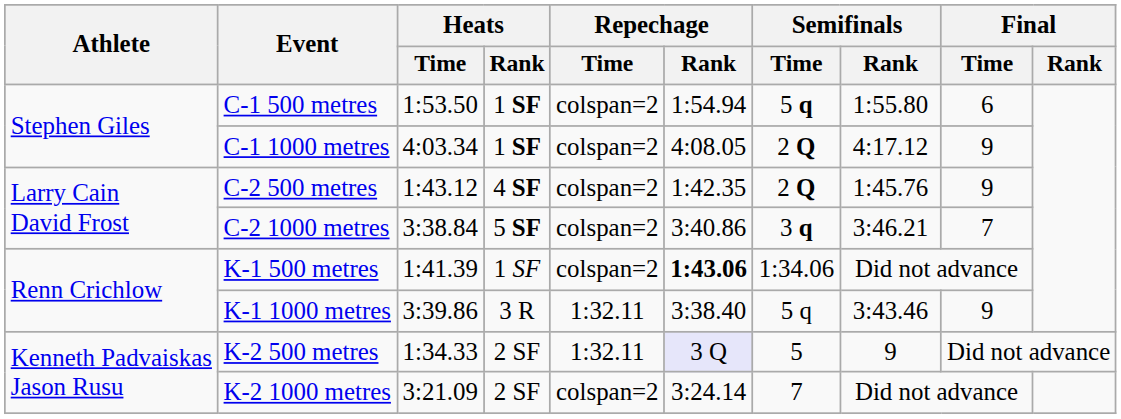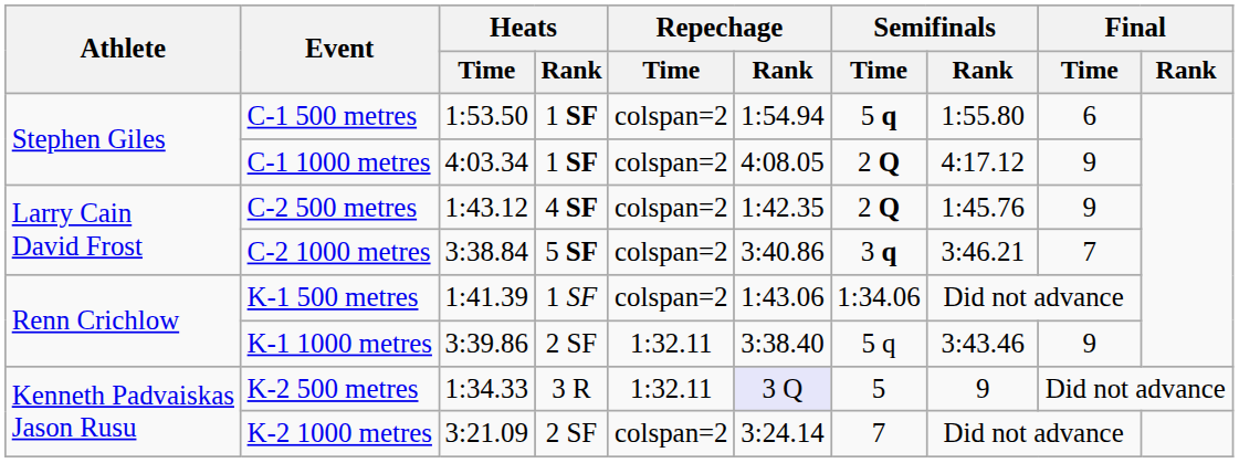 <table class=wikitable style="font-size:90%">
 <tr>
 <th rowspan="2">Athlete</th>
 <th rowspan="2">Event</th>
 <th colspan=2>Heats</th>
 <th colspan=2>Repechage</th>
 <th colspan=2>Semifinals</th>
 <th colspan=2>Final</th>
 </tr>
 <tr style="font-size:95%">
 <th>Time</th>
 <th>Rank</th>
 <th>Time</th>
 <th>Rank</th>
 <th>Time</th>
 <th>Rank</th>
 <th>Time</th>
 <th>Rank</th>
 </tr>
 <tr align=center>
 <td align=left rowspan=2><a href='#'>Stephen Giles</a></td>
 <td align=left><a href='#'>C-1 500 metres</a></td>
 <td>1:53.50</td>
 <td>1 <strong>SF</strong></td>
 <td>colspan=2</td>
 <td>1:54.94</td>
 <td>5 <strong>q</strong></td>
 <td>1:55.80</td>
 <td>6</td>
 </tr>
 <tr align=center>
 <td align=left><a href='#'>C-1 1000 metres</a></td>
 <td>4:03.34</td>
 <td>1 <strong>SF</strong></td>
 <td>colspan=2</td>
 <td>4:08.05</td>
 <td>2 <strong>Q</strong></td>
 <td>4:17.12</td>
 <td>9</td>
 </tr>
 <tr align=center>
 <td align=left rowspan=2><a href='#'>Larry Cain</a><br><a href='#'>David Frost</a></td>
 <td align=left><a href='#'>C-2 500 metres</a></td>
 <td>1:43.12</td>
 <td>4 <strong>SF</strong></td>
 <td>colspan=2</td>
 <td>1:42.35</td>
 <td>2 <strong>Q</strong></td>
 <td>1:45.76</td>
 <td>9</td>
 </tr>
 <tr align=center>
 <td align=left><a href='#'>C-2 1000 metres</a></td>
 <td>3:38.84</td>
 <td>5 <strong>SF</strong></td>
 <td>colspan=2</td>
 <td>3:40.86</td>
 <td>3 <strong>q</strong></td>
 <td>3:46.21</td>
 <td>7</td>
 </tr>
 <tr align=center>
 <td align=left rowspan=2><a href='#'>Renn Crichlow</a></td>
 <td align=left><a href='#'>K-1 500 metres</a></td>
 <td>1:41.39</td>
 <td>1 <em>SF<strong></td>
 <td>colspan=2</td>
-<td><strong>1:43.06</strong></td>
+<td>1:43.06</td>
 <td>1:34.06</td>
 <td colspan=2>Did not advance</td>
 </tr>
 <tr align=center>
 <td align=left><a href='#'>K-1 1000 metres</a></td>
 <td>3:39.86</td>
-<td>3 </strong>R<strong></td>
+<td>2 </strong>SF<strong></td>
 <td>1:32.11</td>
 <td>3:38.40</td>
 <td>5 </strong>q<strong></td>
 <td>3:43.46</td>
 <td>9</td>
 </tr>
 <tr align=center>
 <td align=left rowspan=2><a href='#'>Kenneth Padvaiskas</a><br><a href='#'>Jason Rusu</a></td>
 <td align=left><a href='#'>K-2 500 metres</a></td>
 <td>1:34.33</td>
-<td>2 </strong>SF<strong></td>
+<td>3 </strong>R<strong></td>
 <td>1:32.11</td>
 <td style="background: lavender;">3 </strong>Q<strong></td>
 <td>5</td>
 <td>9</td>
 <td colspan=2>Did not advance</td>
 </tr>
 <tr align=center>
 <td align=left><a href='#'>K-2 1000 metres</a></td>
 <td>3:21.09</td>
 <td>2 </strong>SF<strong></td>
 <td>colspan=2</td>
 <td>3:24.14</td>
 <td>7</td>
 <td colspan=2>Did not advance</td>
 </tr>
 </table>
